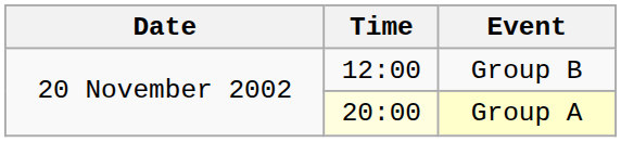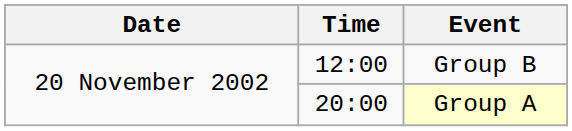 <table class = "wikitable" style="text-align:center;">
 <tr>
 <th width=150>Date</th>
 <th width=50>Time</th>
 <th width=80>Event</th>
 </tr>
 <tr>
 <td rowspan=2>20 November 2002</td>
 <td>12:00</td>
 <td>Group B</td>
 </tr>
 <tr>
-<td style="background: lightyellow;">20:00</td>
+<td>20:00</td>
 <td bgcolor=ffffcc>Group A</td>
 </tr>
 </table>
